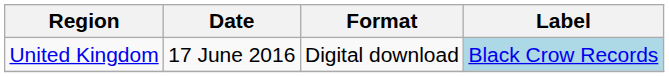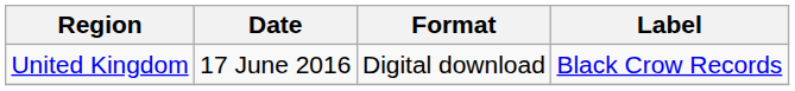 <table class=wikitable>
 <tr>
 <th>Region</th>
 <th>Date</th>
 <th>Format</th>
 <th>Label</th>
 </tr>
 <tr>
 <td><a href='#'>United Kingdom</a></td>
 <td>17 June 2016</td>
 <td>Digital download</td>
-<td style="background: lightblue;"><a href='#'>Black Crow Records</a></td>
+<td><a href='#'>Black Crow Records</a></td>
 </tr>
 <tr>
 </tr>
 </table>
